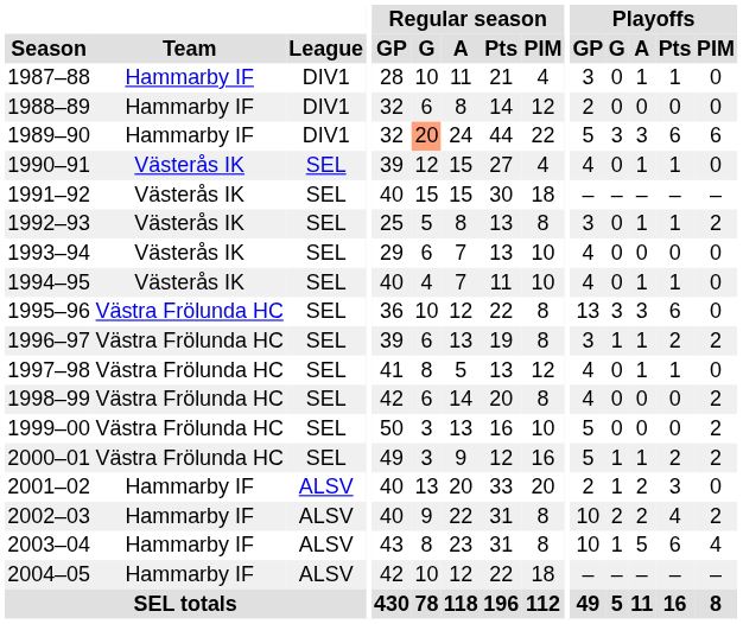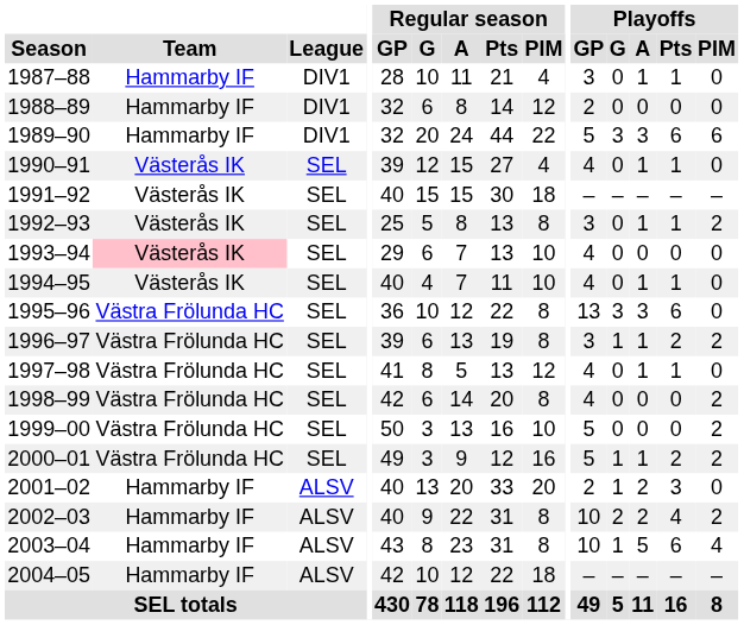 <table BORDER="0" CELLPADDING="2" CELLSPACING="0" ID="Table3" style="text-align:center">
 <tr bgcolor="#e0e0e0">
 <th colspan="3" bgcolor="#ffffff"></th>
 <th rowspan="99" bgcolor="#ffffff"></th>
 <th colspan="5">Regular season</th>
 <th rowspan="99" bgcolor="#ffffff"></th>
 <th colspan="5">Playoffs</th>
 </tr>
 <tr bgcolor="#e0e0e0">
 <th>Season</th>
 <th>Team</th>
 <th>League</th>
 <th>GP</th>
 <th>G</th>
 <th>A</th>
 <th>Pts</th>
 <th>PIM</th>
 <th>GP</th>
 <th>G</th>
 <th>A</th>
 <th>Pts</th>
 <th>PIM</th>
 </tr>
 <tr>
 <td>1987–88</td>
 <td><a href='#'>Hammarby IF</a></td>
 <td>DIV1</td>
 <td>28</td>
 <td>10</td>
 <td>11</td>
 <td>21</td>
 <td>4</td>
 <td>3</td>
 <td>0</td>
 <td>1</td>
 <td>1</td>
 <td>0</td>
 </tr>
 <tr bgcolor="#f0f0f0">
 <td>1988–89</td>
 <td>Hammarby IF</td>
 <td>DIV1</td>
 <td>32</td>
 <td>6</td>
 <td>8</td>
 <td>14</td>
 <td>12</td>
 <td>2</td>
 <td>0</td>
 <td>0</td>
 <td>0</td>
 <td>0</td>
 </tr>
 <tr>
 <td>1989–90</td>
 <td>Hammarby IF</td>
 <td>DIV1</td>
 <td>32</td>
-<td style="background: lightsalmon;">20</td>
+<td>20</td>
 <td>24</td>
 <td>44</td>
 <td>22</td>
 <td>5</td>
 <td>3</td>
 <td>3</td>
 <td>6</td>
 <td>6</td>
 </tr>
 <tr bgcolor="#f0f0f0">
 <td>1990–91</td>
 <td><a href='#'>Västerås IK</a></td>
 <td><a href='#'>SEL</a></td>
 <td>39</td>
 <td>12</td>
 <td>15</td>
 <td>27</td>
 <td>4</td>
 <td>4</td>
 <td>0</td>
 <td>1</td>
 <td>1</td>
 <td>0</td>
 </tr>
 <tr>
 <td>1991–92</td>
 <td>Västerås IK</td>
 <td>SEL</td>
 <td>40</td>
 <td>15</td>
 <td>15</td>
 <td>30</td>
 <td>18</td>
 <td>–</td>
 <td>–</td>
 <td>–</td>
 <td>–</td>
 <td>–</td>
 </tr>
 <tr bgcolor="#f0f0f0">
 <td>1992–93</td>
 <td>Västerås IK</td>
 <td>SEL</td>
 <td>25</td>
 <td>5</td>
 <td>8</td>
 <td>13</td>
 <td>8</td>
 <td>3</td>
 <td>0</td>
 <td>1</td>
 <td>1</td>
 <td>2</td>
 </tr>
 <tr>
 <td>1993–94</td>
-<td>Västerås IK</td>
+<td style="background: pink;">Västerås IK</td>
 <td>SEL</td>
 <td>29</td>
 <td>6</td>
 <td>7</td>
 <td>13</td>
 <td>10</td>
 <td>4</td>
 <td>0</td>
 <td>0</td>
 <td>0</td>
 <td>0</td>
 </tr>
 <tr bgcolor="#f0f0f0">
 <td>1994–95</td>
 <td>Västerås IK</td>
 <td>SEL</td>
 <td>40</td>
 <td>4</td>
 <td>7</td>
 <td>11</td>
 <td>10</td>
 <td>4</td>
 <td>0</td>
 <td>1</td>
 <td>1</td>
 <td>0</td>
 </tr>
 <tr>
 <td>1995–96</td>
 <td><a href='#'>Västra Frölunda HC</a></td>
 <td>SEL</td>
 <td>36</td>
 <td>10</td>
 <td>12</td>
 <td>22</td>
 <td>8</td>
 <td>13</td>
 <td>3</td>
 <td>3</td>
 <td>6</td>
 <td>0</td>
 </tr>
 <tr bgcolor="#f0f0f0">
 <td>1996–97</td>
 <td>Västra Frölunda HC</td>
 <td>SEL</td>
 <td>39</td>
 <td>6</td>
 <td>13</td>
 <td>19</td>
 <td>8</td>
 <td>3</td>
 <td>1</td>
 <td>1</td>
 <td>2</td>
 <td>2</td>
 </tr>
 <tr>
 <td>1997–98</td>
 <td>Västra Frölunda HC</td>
 <td>SEL</td>
 <td>41</td>
 <td>8</td>
 <td>5</td>
 <td>13</td>
 <td>12</td>
 <td>4</td>
 <td>0</td>
 <td>1</td>
 <td>1</td>
 <td>0</td>
 </tr>
 <tr bgcolor="#f0f0f0">
 <td>1998–99</td>
 <td>Västra Frölunda HC</td>
 <td>SEL</td>
 <td>42</td>
 <td>6</td>
 <td>14</td>
 <td>20</td>
 <td>8</td>
 <td>4</td>
 <td>0</td>
 <td>0</td>
 <td>0</td>
 <td>2</td>
 </tr>
 <tr>
 <td>1999–00</td>
 <td>Västra Frölunda HC</td>
 <td>SEL</td>
 <td>50</td>
 <td>3</td>
 <td>13</td>
 <td>16</td>
 <td>10</td>
 <td>5</td>
 <td>0</td>
 <td>0</td>
 <td>0</td>
 <td>2</td>
 </tr>
 <tr bgcolor="#f0f0f0">
 <td>2000–01</td>
 <td>Västra Frölunda HC</td>
 <td>SEL</td>
 <td>49</td>
 <td>3</td>
 <td>9</td>
 <td>12</td>
 <td>16</td>
 <td>5</td>
 <td>1</td>
 <td>1</td>
 <td>2</td>
 <td>2</td>
 </tr>
 <tr>
 <td>2001–02</td>
 <td>Hammarby IF</td>
 <td><a href='#'>ALSV</a></td>
 <td>40</td>
 <td>13</td>
 <td>20</td>
 <td>33</td>
 <td>20</td>
 <td>2</td>
 <td>1</td>
 <td>2</td>
 <td>3</td>
 <td>0</td>
 </tr>
 <tr bgcolor="#f0f0f0">
 <td>2002–03</td>
 <td>Hammarby IF</td>
 <td>ALSV</td>
 <td>40</td>
 <td>9</td>
 <td>22</td>
 <td>31</td>
 <td>8</td>
 <td>10</td>
 <td>2</td>
 <td>2</td>
 <td>4</td>
 <td>2</td>
 </tr>
 <tr>
 <td>2003–04</td>
 <td>Hammarby IF</td>
 <td>ALSV</td>
 <td>43</td>
 <td>8</td>
 <td>23</td>
 <td>31</td>
 <td>8</td>
 <td>10</td>
 <td>1</td>
 <td>5</td>
 <td>6</td>
 <td>4</td>
 </tr>
 <tr bgcolor="#f0f0f0">
 <td>2004–05</td>
 <td>Hammarby IF</td>
 <td>ALSV</td>
 <td>42</td>
 <td>10</td>
 <td>12</td>
 <td>22</td>
 <td>18</td>
 <td>–</td>
 <td>–</td>
 <td>–</td>
 <td>–</td>
 <td>–</td>
 </tr>
 <tr bgcolor="#e0e0e0">
 <th colspan="3">SEL totals</th>
 <th>430</th>
 <th>78</th>
 <th>118</th>
 <th>196</th>
 <th>112</th>
 <th>49</th>
 <th>5</th>
 <th>11</th>
 <th>16</th>
 <th>8</th>
 </tr>
 </table>
